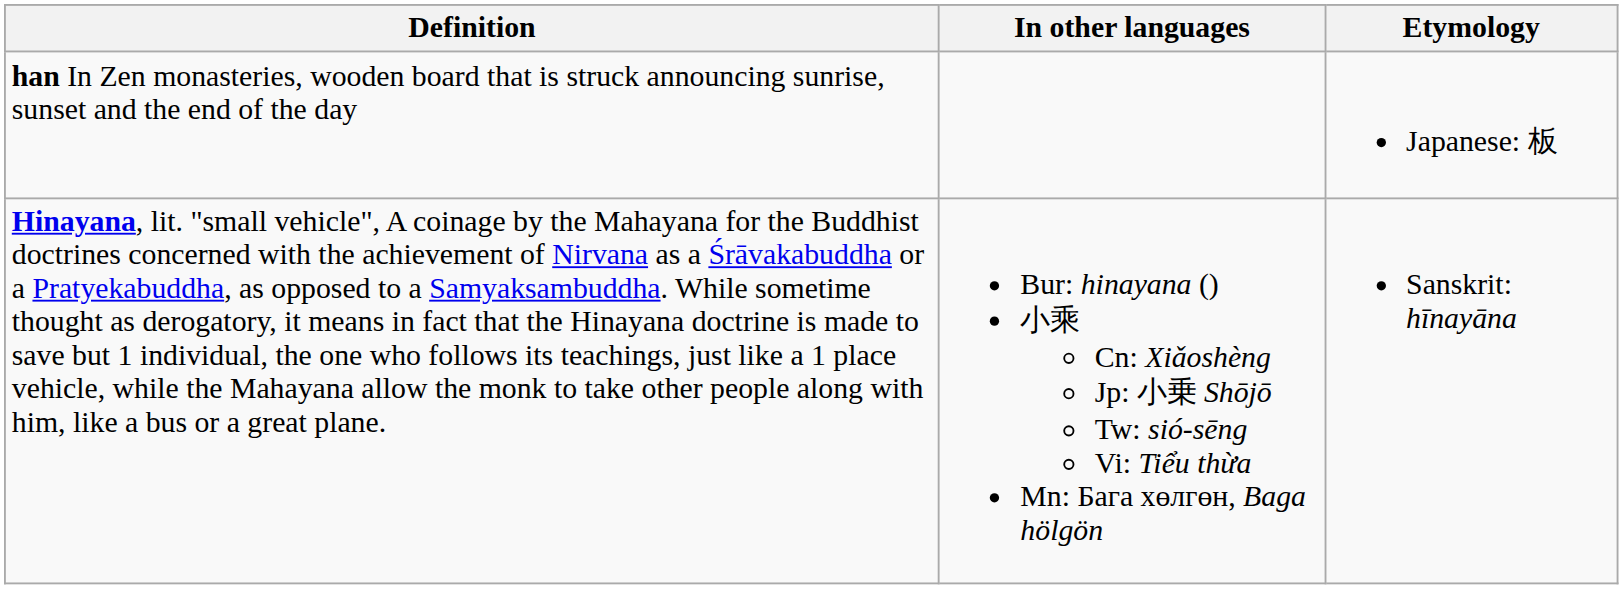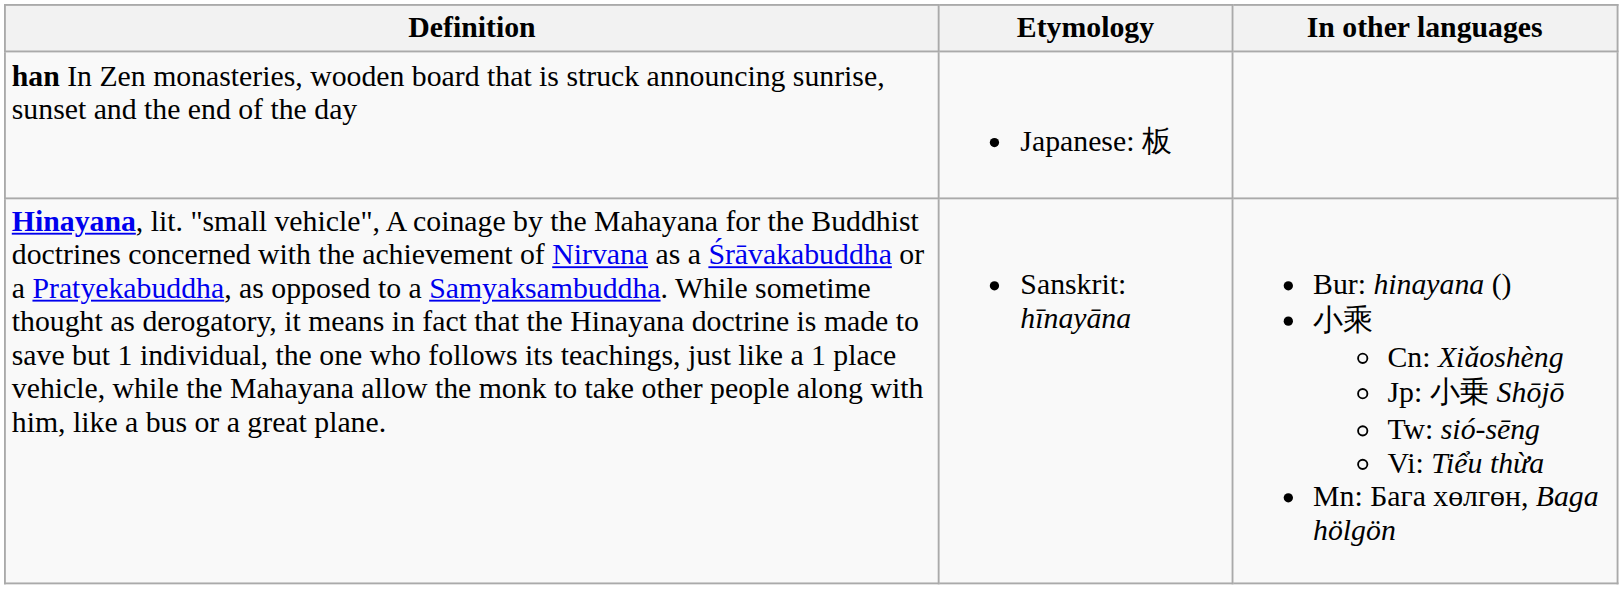 <table class="wikitable" border="1" style="border-collapse: collapse;">
 <tr>
 <th>Definition</th>
+<th>Etymology</th>
 <th>In other languages</th>
-<th>Etymology</th>
 </tr>
 <tr valign=top style="width:450px">
 <td><strong>han</strong> In Zen monasteries, wooden board that is struck announcing sunrise, sunset and the end of the day</td>
+<td style="width:150px"><br><ul><li>Japanese: 板</li></ul></td>
 <td style="width:200px"></td>
-<td style="width:150px"><br><ul><li>Japanese: 板</li></ul></td>
 </tr>
 <tr valign=top>
 <td><strong><a href='#'>Hinayana</a></strong>, lit. "small vehicle", A coinage by the Mahayana for the Buddhist doctrines concerned with the achievement of <a href='#'>Nirvana</a> as a <a href='#'>Śrāvakabuddha</a> or a <a href='#'>Pratyekabuddha</a>, as opposed to a <a href='#'>Samyaksambuddha</a>. While sometime thought as derogatory, it means in fact that the Hinayana doctrine is made to save but 1 individual, the one who follows its teachings, just like a 1 place vehicle, while the Mahayana allow the monk to take other people along with him, like a bus or a great plane.</td>
+<td><br><ul><li>Sanskrit: <em>hīnayāna</em></li></ul></td>
 <td><br><ul><li>Bur:  <em>hinayana</em> ()</li><li>小乘<ul><li>Cn: <em>Xiǎoshèng</em></li><li>Jp: 小乗 <em>Shōjō</em></li><li>Tw: <em>sió-sēng</em></li><li>Vi: <em>Tiểu thừa</em></li></ul></li><li>Mn: Бага хөлгөн, <em>Baga hölgön</em></li></ul></td>
-<td><br><ul><li>Sanskrit: <em>hīnayāna</em></li></ul></td>
 </tr>
 </table>
